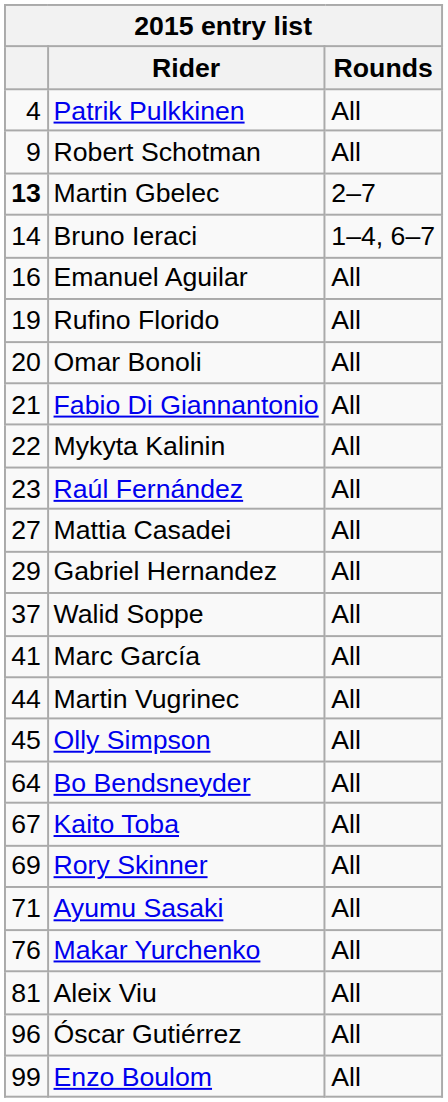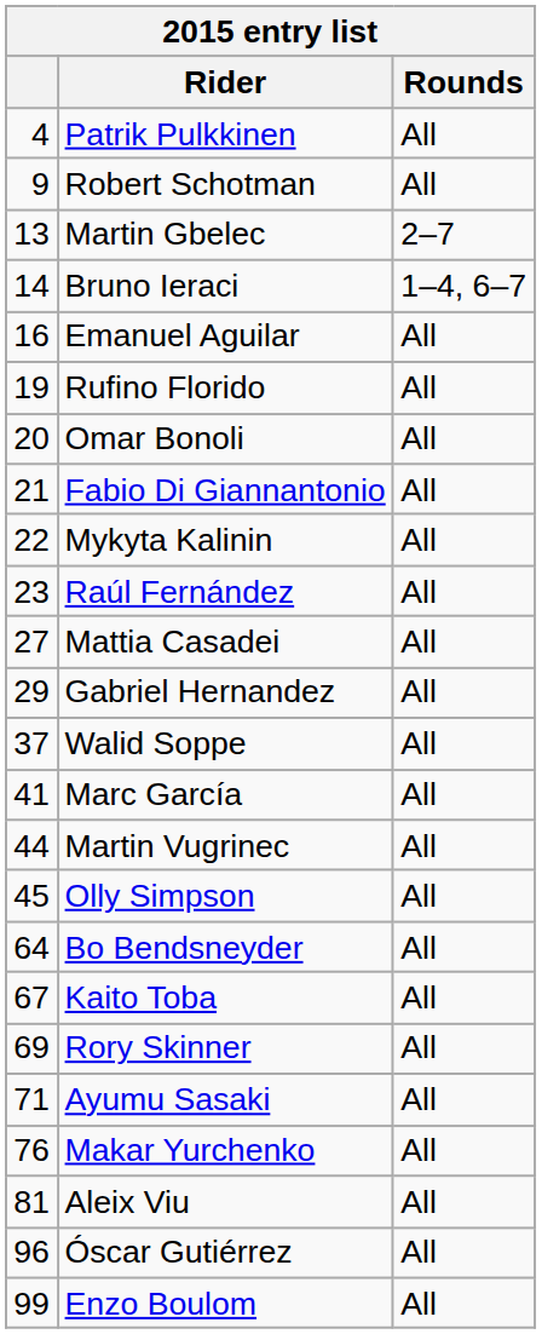 <table class="wikitable" style="font-size: 85%">
 <tr>
 <th colspan=3>2015 entry list</th>
 </tr>
 <tr>
 <th></th>
 <th>Rider</th>
 <th>Rounds</th>
 </tr>
 <tr>
 <td align=right>4</td>
 <td> <a href='#'>Patrik Pulkkinen</a></td>
 <td>All</td>
 </tr>
 <tr>
 <td align=right>9</td>
 <td> Robert Schotman</td>
 <td>All</td>
 </tr>
 <tr>
-<td align=right><strong>13</strong></td>
+<td align=right>13</td>
 <td> Martin Gbelec</td>
 <td>2–7</td>
 </tr>
 <tr>
 <td align=right>14</td>
 <td> Bruno Ieraci</td>
 <td>1–4, 6–7</td>
 </tr>
 <tr>
 <td align=right>16</td>
 <td> Emanuel Aguilar</td>
 <td>All</td>
 </tr>
 <tr>
 <td align=right>19</td>
 <td> Rufino Florido</td>
 <td>All</td>
 </tr>
 <tr>
 <td align=right>20</td>
 <td> Omar Bonoli</td>
 <td>All</td>
 </tr>
 <tr>
 <td align=right>21</td>
 <td> <a href='#'>Fabio Di Giannantonio</a></td>
 <td>All</td>
 </tr>
 <tr>
 <td align=right>22</td>
 <td> Mykyta Kalinin</td>
 <td>All</td>
 </tr>
 <tr>
 <td align=right>23</td>
 <td> <a href='#'>Raúl Fernández</a></td>
 <td>All</td>
 </tr>
 <tr>
 <td align=right>27</td>
 <td> Mattia Casadei</td>
 <td>All</td>
 </tr>
 <tr>
 <td align=right>29</td>
 <td> Gabriel Hernandez</td>
 <td>All</td>
 </tr>
 <tr>
 <td align=right>37</td>
 <td> Walid Soppe</td>
 <td>All</td>
 </tr>
 <tr>
 <td align=right>41</td>
 <td> Marc García</td>
 <td>All</td>
 </tr>
 <tr>
 <td align=right>44</td>
 <td> Martin Vugrinec</td>
 <td>All</td>
 </tr>
 <tr>
 <td align=right>45</td>
 <td> <a href='#'>Olly Simpson</a></td>
 <td>All</td>
 </tr>
 <tr>
 <td align=right>64</td>
 <td> <a href='#'>Bo Bendsneyder</a></td>
 <td>All</td>
 </tr>
 <tr>
 <td align=right>67</td>
 <td> <a href='#'>Kaito Toba</a></td>
 <td>All</td>
 </tr>
 <tr>
 <td align=right>69</td>
 <td> <a href='#'>Rory Skinner</a></td>
 <td>All</td>
 </tr>
 <tr>
 <td align=right>71</td>
 <td> <a href='#'>Ayumu Sasaki</a></td>
 <td>All</td>
 </tr>
 <tr>
 <td align=right>76</td>
 <td> <a href='#'>Makar Yurchenko</a></td>
 <td>All</td>
 </tr>
 <tr>
 <td align=right>81</td>
 <td> Aleix Viu</td>
 <td>All</td>
 </tr>
 <tr>
 <td align=right>96</td>
 <td> Óscar Gutiérrez</td>
 <td>All</td>
 </tr>
 <tr>
 <td align=right>99</td>
 <td> <a href='#'>Enzo Boulom</a></td>
 <td>All</td>
 </tr>
 </table>
